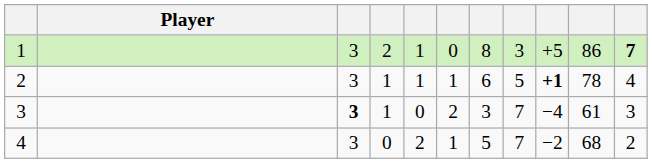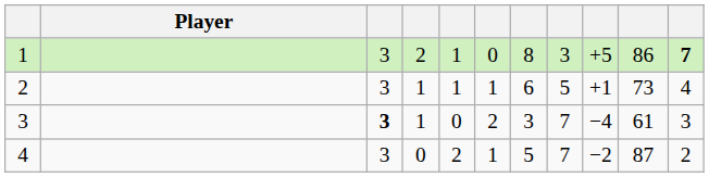 <table class="wikitable" style="text-align:center; margin: 1em auto 1em auto, align:left">
 <tr>
 <th width=20></th>
 <th width=240>Player</th>
 <th width=20></th>
 <th width=20></th>
 <th width=20></th>
 <th width=20></th>
 <th width=20></th>
 <th width=20></th>
 <th width=20></th>
 <th width=30></th>
 <th width=20></th>
 </tr>
 <tr style="background:#D0F0C0;">
 <td>1</td>
 <td align=left></td>
 <td>3</td>
 <td>2</td>
 <td>1</td>
 <td>0</td>
 <td>8</td>
 <td>3</td>
 <td>+5</td>
 <td>86</td>
 <td><strong>7</strong></td>
 </tr>
 <tr style=>
 <td>2</td>
 <td align=left></td>
 <td>3</td>
 <td>1</td>
 <td>1</td>
 <td>1</td>
 <td>6</td>
 <td>5</td>
-<td><strong>+1</strong></td>
-<td>78</td>
+<td>+1</td>
+<td>73</td>
 <td>4</td>
 </tr>
 <tr style=>
 <td>3</td>
 <td align=left></td>
 <td><strong>3</strong></td>
 <td>1</td>
 <td>0</td>
 <td>2</td>
 <td>3</td>
 <td>7</td>
 <td>−4</td>
 <td>61</td>
 <td>3</td>
 </tr>
 <tr style=>
 <td>4</td>
 <td align=left></td>
 <td>3</td>
 <td>0</td>
 <td>2</td>
 <td>1</td>
 <td>5</td>
 <td>7</td>
 <td>−2</td>
-<td>68</td>
+<td>87</td>
 <td>2</td>
 </tr>
 </table>
